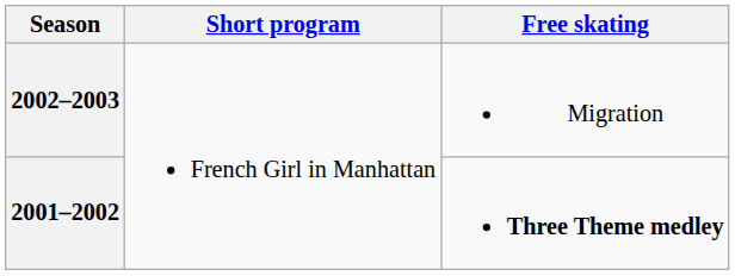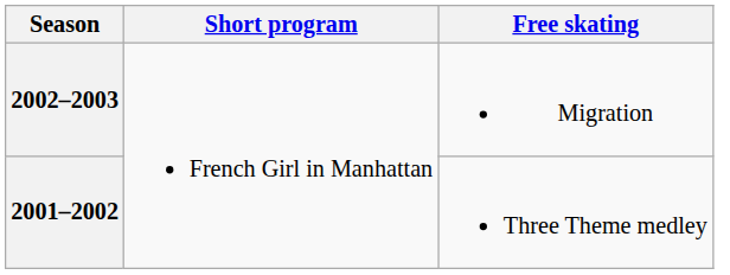 <table class=wikitable style=text-align:center>
 <tr>
 <th>Season</th>
 <th><a href='#'>Short program</a></th>
 <th><a href='#'>Free skating</a></th>
 </tr>
 <tr>
 <th>2002–2003 <br> </th>
 <td rowspan=2><br><ul><li>French Girl in Manhattan <br></li></ul></td>
 <td><br><ul><li>Migration <br></li></ul></td>
 </tr>
 <tr>
 <th>2001–2002 <br> </th>
-<td><strong><br><ul><li>Three Theme medley <br></li></ul></strong></td>
+<td><br><ul><li>Three Theme medley <br></li></ul></td>
 </tr>
 </table>
